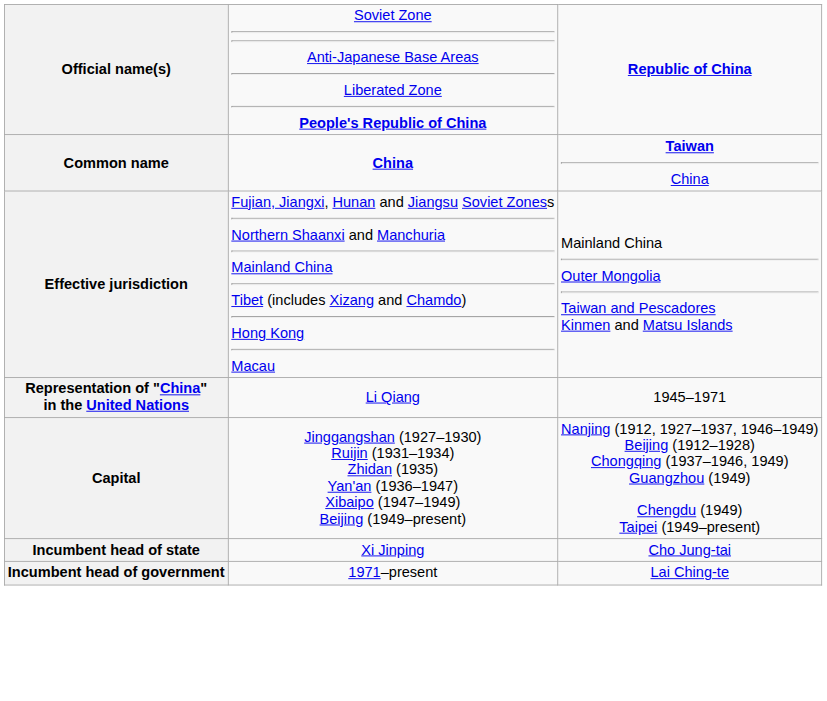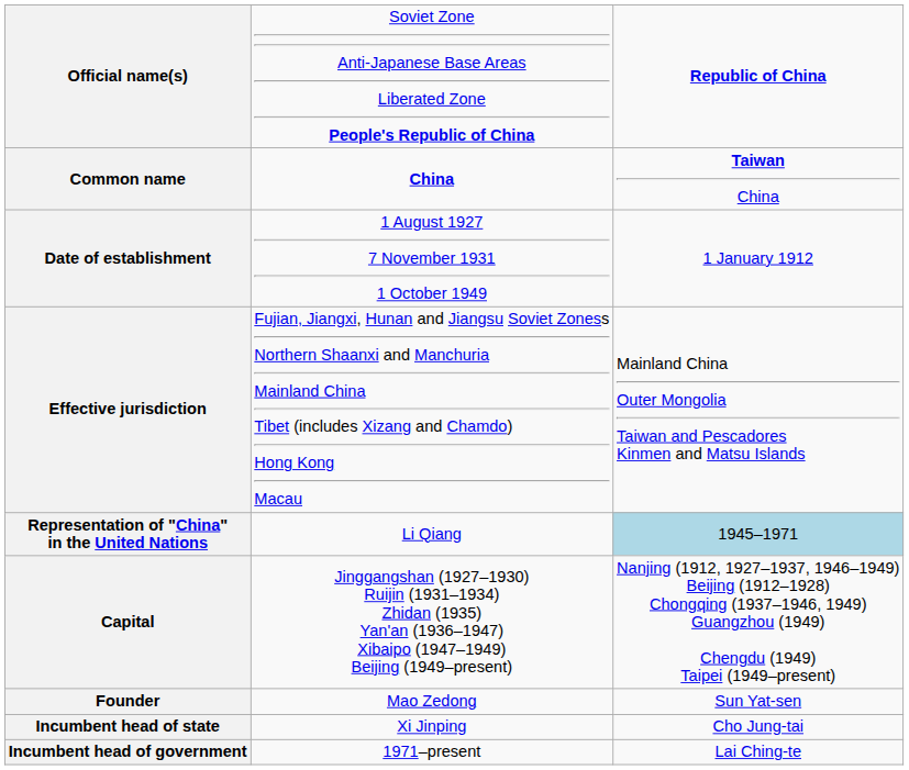 <table class=wikitable style="text-align:center;">
 <tr>
 <th>Official name(s)</th>
 <td> <a href='#'>Soviet Zone</a> <hr> <hr> <a href='#'>Anti-Japanese Base Areas</a> <hr> <a href='#'>Liberated Zone</a> <hr><strong> <a href='#'>People's Republic of China</a></strong> </td>
 <td><strong> <a href='#'>Republic of China</a></strong> </td>
 </tr>
 <tr>
 <th>Common name</th>
 <td><strong><a href='#'>China</a></strong></td>
 <td><strong><a href='#'>Taiwan</a></strong> <hr><a href='#'>China</a> </td>
 </tr>
+<tr>
+<th>Date of establishment</th>
+<td><a href='#'>1 August 1927</a><hr><a href='#'>7 November 1931</a><hr><a href='#'>1 October 1949</a></td>
+<td><a href='#'>1 January 1912</a></td>
+</tr>
 <tr align=left>
 <th>Effective jurisdiction</th>
 <td><a href='#'>Fujian, Jiangxi</a>, <a href='#'>Hunan</a> and <a href='#'>Jiangsu</a> <a href='#'>Soviet Zones</a>s <hr><a href='#'>Northern Shaanxi</a> and <a href='#'>Manchuria</a> <hr><a href='#'>Mainland China</a> <hr><a href='#'>Tibet</a> (includes <a href='#'>Xizang</a> and <a href='#'>Chamdo</a>) <hr><a href='#'>Hong Kong</a> <hr><a href='#'>Macau</a> </td>
 <td>Mainland China <hr><a href='#'>Outer Mongolia</a> <hr><a href='#'>Taiwan and Pescadores</a> <br><a href='#'>Kinmen</a> and <a href='#'>Matsu Islands</a> </td>
 </tr>
 <tr>
 <th>Representation of "<a href='#'>China</a>"<br>in the <a href='#'>United Nations</a></th>
 <td><a href='#'>Li Qiang</a></td>
-<td>1945–1971</td>
+<td style="background: lightblue;">1945–1971</td>
 </tr>
 <tr>
 <th>Capital</th>
 <td><a href='#'>Jinggangshan</a> (1927–1930)<br><a href='#'>Ruijin</a> (1931–1934)<br><a href='#'>Zhidan</a> (1935)<br><a href='#'>Yan'an</a> (1936–1947)<br><a href='#'>Xibaipo</a> (1947–1949)<br><a href='#'>Beijing</a> (1949–present)</td>
 <td><a href='#'>Nanjing</a> (1912, 1927–1937, 1946–1949) <br><a href='#'>Beijing</a> (1912–1928)<br><a href='#'>Chongqing</a> (1937–1946, 1949)<br><a href='#'>Guangzhou</a> (1949)<br><br><a href='#'>Chengdu</a> (1949)<br> <a href='#'>Taipei</a> (1949–present)</td>
+</tr>
+<tr>
+<th>Founder</th>
+<td><a href='#'>Mao Zedong</a></td>
+<td><a href='#'>Sun Yat-sen</a></td>
 </tr>
 <tr>
 <th>Incumbent head of state</th>
 <td><a href='#'>Xi Jinping</a></td>
 <td><a href='#'>Cho Jung-tai</a></td>
 </tr>
 <tr>
 <th>Incumbent head of government</th>
 <td><a href='#'>1971</a>–present</td>
 <td><a href='#'>Lai Ching-te</a></td>
 </tr>
 </table>
